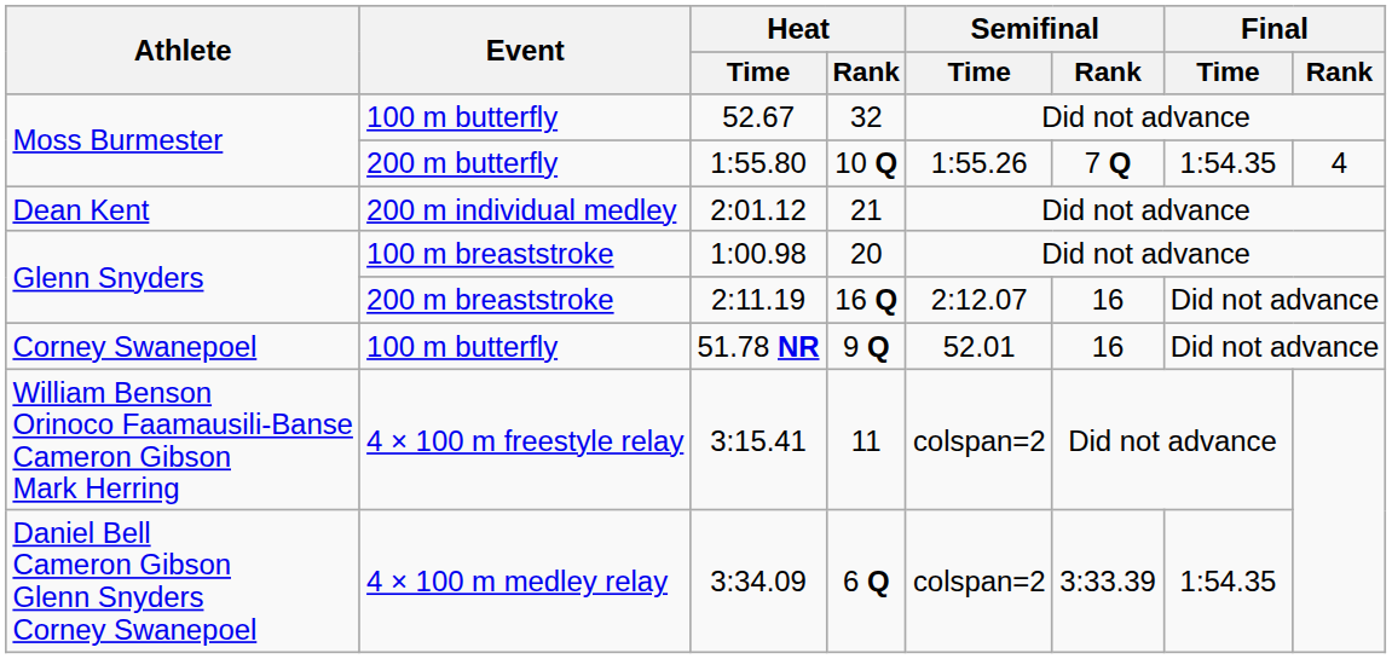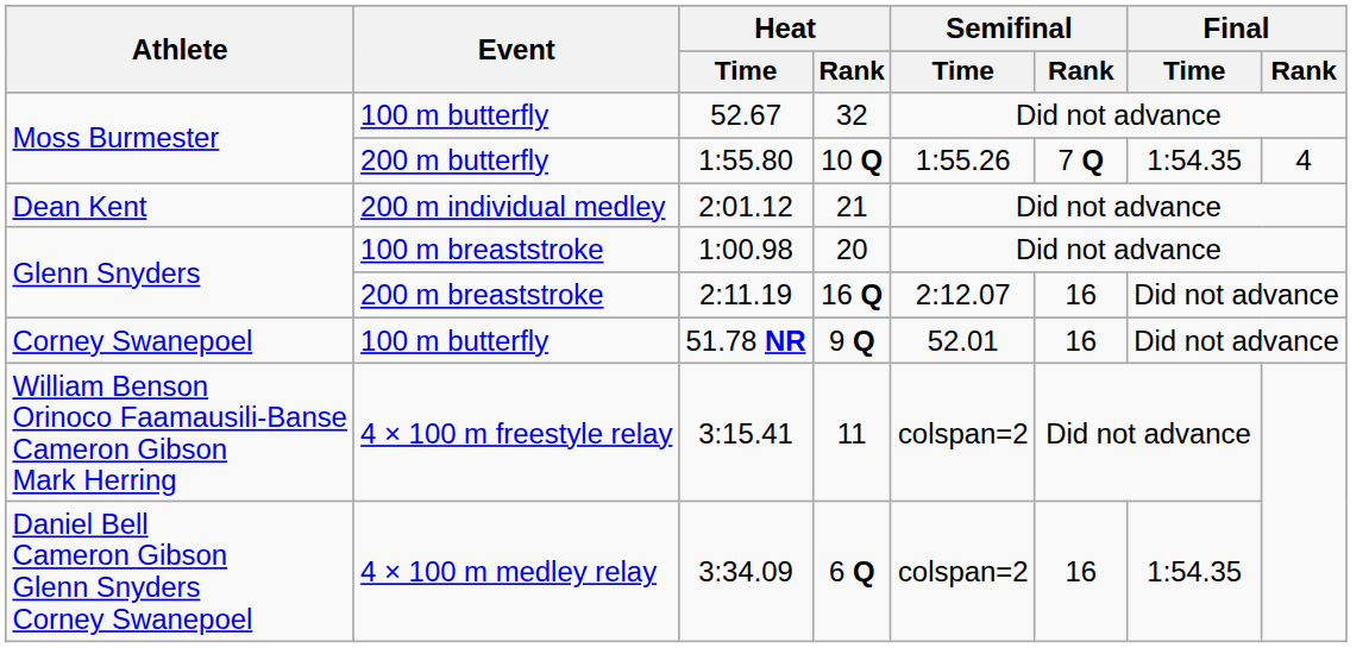 <table class=wikitable style="font-size:90%">
 <tr>
 <th rowspan="2">Athlete</th>
 <th rowspan="2">Event</th>
 <th colspan="2">Heat</th>
 <th colspan="2">Semifinal</th>
 <th colspan="2">Final</th>
 </tr>
 <tr style="font-size:95%">
 <th>Time</th>
 <th>Rank</th>
 <th>Time</th>
 <th>Rank</th>
 <th>Time</th>
 <th>Rank</th>
 </tr>
 <tr align=center>
 <td align=left rowspan=2><a href='#'>Moss Burmester</a></td>
 <td align=left><a href='#'>100 m butterfly</a></td>
 <td>52.67</td>
 <td>32</td>
 <td colspan=4>Did not advance</td>
 </tr>
 <tr align=center>
 <td align=left><a href='#'>200 m butterfly</a></td>
 <td>1:55.80</td>
 <td>10 <strong>Q</strong></td>
 <td>1:55.26</td>
 <td>7 <strong>Q</strong></td>
 <td>1:54.35</td>
 <td>4</td>
 </tr>
 <tr align=center>
 <td align=left><a href='#'>Dean Kent</a></td>
 <td align=left><a href='#'>200 m individual medley</a></td>
 <td>2:01.12</td>
 <td>21</td>
 <td colspan=4>Did not advance</td>
 </tr>
 <tr align=center>
 <td align=left rowspan=2><a href='#'>Glenn Snyders</a></td>
 <td align=left><a href='#'>100 m breaststroke</a></td>
 <td>1:00.98</td>
 <td>20</td>
 <td colspan=4>Did not advance</td>
 </tr>
 <tr align=center>
 <td align=left><a href='#'>200 m breaststroke</a></td>
 <td>2:11.19</td>
 <td>16 <strong>Q</strong></td>
 <td>2:12.07</td>
 <td>16</td>
 <td colspan=2>Did not advance</td>
 </tr>
 <tr align=center>
 <td align=left><a href='#'>Corney Swanepoel</a></td>
 <td align=left><a href='#'>100 m butterfly</a></td>
 <td>51.78 <strong><a href='#'>NR</a></strong></td>
 <td>9 <strong>Q</strong></td>
 <td>52.01</td>
 <td>16</td>
 <td colspan=2>Did not advance</td>
 </tr>
 <tr align=center>
 <td align=left><a href='#'>William Benson</a><br><a href='#'>Orinoco Faamausili-Banse</a><br><a href='#'>Cameron Gibson</a><br><a href='#'>Mark Herring</a></td>
 <td align=left><a href='#'>4 × 100 m freestyle relay</a></td>
 <td>3:15.41</td>
 <td>11</td>
 <td>colspan=2 </td>
 <td colspan=2>Did not advance</td>
 </tr>
 <tr align=center>
 <td align=left><a href='#'>Daniel Bell</a><br><a href='#'>Cameron Gibson</a><br><a href='#'>Glenn Snyders</a><br><a href='#'>Corney Swanepoel</a></td>
 <td align=left><a href='#'>4 × 100 m medley relay</a></td>
 <td>3:34.09</td>
 <td>6 <strong>Q</strong></td>
 <td>colspan=2 </td>
-<td>3:33.39</td>
+<td>16</td>
 <td>1:54.35</td>
 </tr>
 </table>
